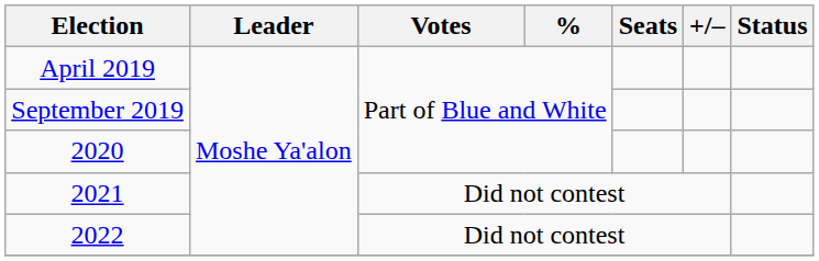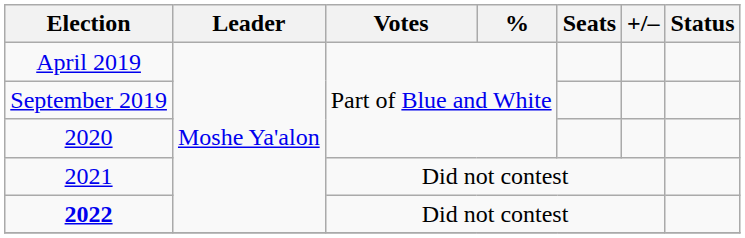 <table class=wikitable style=text-align:center>
 <tr>
 <th>Election</th>
 <th>Leader</th>
 <th>Votes</th>
 <th>%</th>
 <th>Seats</th>
 <th>+/–</th>
 <th>Status</th>
 </tr>
 <tr>
 <td><a href='#'>April 2019</a></td>
 <td rowspan=5><a href='#'>Moshe Ya'alon</a></td>
 <td colspan=2 rowspan=3>Part of <a href='#'>Blue and White</a></td>
 <td></td>
 <td></td>
 <td></td>
 </tr>
 <tr>
 <td><a href='#'>September 2019</a></td>
 <td></td>
 <td></td>
 <td></td>
 </tr>
 <tr>
 <td><a href='#'>2020</a></td>
 <td></td>
 <td></td>
 <td></td>
 </tr>
 <tr>
 <td><a href='#'>2021</a></td>
 <td colspan="4">Did not contest</td>
 <td></td>
 </tr>
 <tr>
-<td><a href='#'>2022</a></td>
+<td><strong><a href='#'>2022</a></strong></td>
 <td colspan="4">Did not contest</td>
 <td></td>
 </tr>
 <tr>
 </tr>
 </table>
